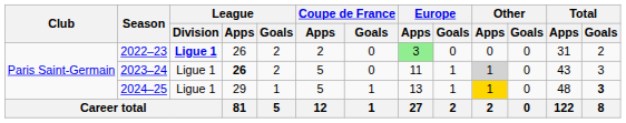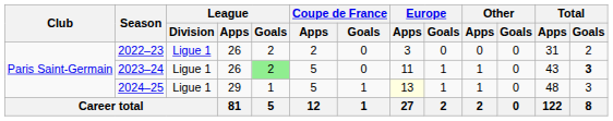 <table class="wikitable" style="text-align: center;">
 <tr>
 <th rowspan="2">Club</th>
 <th rowspan="2">Season</th>
 <th colspan="3">League</th>
 <th colspan="2"><a href='#'>Coupe de France</a></th>
 <th colspan="2"><a href='#'>Europe</a></th>
 <th colspan="2">Other</th>
 <th colspan="2">Total</th>
 </tr>
 <tr>
 <th>Division</th>
 <th>Apps</th>
 <th>Goals</th>
 <th>Apps</th>
 <th>Goals</th>
 <th>Apps</th>
 <th>Goals</th>
 <th>Apps</th>
 <th>Goals</th>
 <th>Apps</th>
 <th>Goals</th>
 </tr>
 <tr>
 <td rowspan="3"><a href='#'>Paris Saint-Germain</a></td>
 <td><a href='#'>2022–23</a></td>
-<td><strong><a href='#'>Ligue 1</a></strong></td>
+<td><a href='#'>Ligue 1</a></td>
 <td>26</td>
 <td>2</td>
 <td>2</td>
 <td>0</td>
-<td style="background: lightgreen;">3</td>
+<td>3</td>
 <td>0</td>
 <td>0</td>
 <td>0</td>
 <td>31</td>
 <td>2</td>
 </tr>
 <tr>
 <td><a href='#'>2023–24</a></td>
 <td>Ligue 1</td>
-<td><strong>26</strong></td>
-<td>2</td>
+<td>26</td>
+<td style="background: lightgreen;">2</td>
 <td>5</td>
 <td>0</td>
 <td>11</td>
 <td>1</td>
-<td style="background: lightgrey;">1</td>
+<td>1</td>
 <td>0</td>
 <td>43</td>
-<td>3</td>
+<td><strong>3</strong></td>
 </tr>
 <tr>
 <td><a href='#'>2024–25</a></td>
 <td>Ligue 1</td>
 <td>29</td>
 <td>1</td>
 <td>5</td>
 <td>1</td>
-<td>13</td>
+<td style="background: lightyellow;">13</td>
 <td>1</td>
-<td style="background: gold;">1</td>
+<td>1</td>
 <td>0</td>
 <td>48</td>
-<td><strong>3</strong></td>
+<td>3</td>
 </tr>
 <tr>
 <th colspan="3">Career total</th>
 <th>81</th>
 <th>5</th>
 <th>12</th>
 <th>1</th>
 <th>27</th>
 <th>2</th>
 <th>2</th>
 <th>0</th>
 <th>122</th>
 <th>8</th>
 </tr>
 </table>
